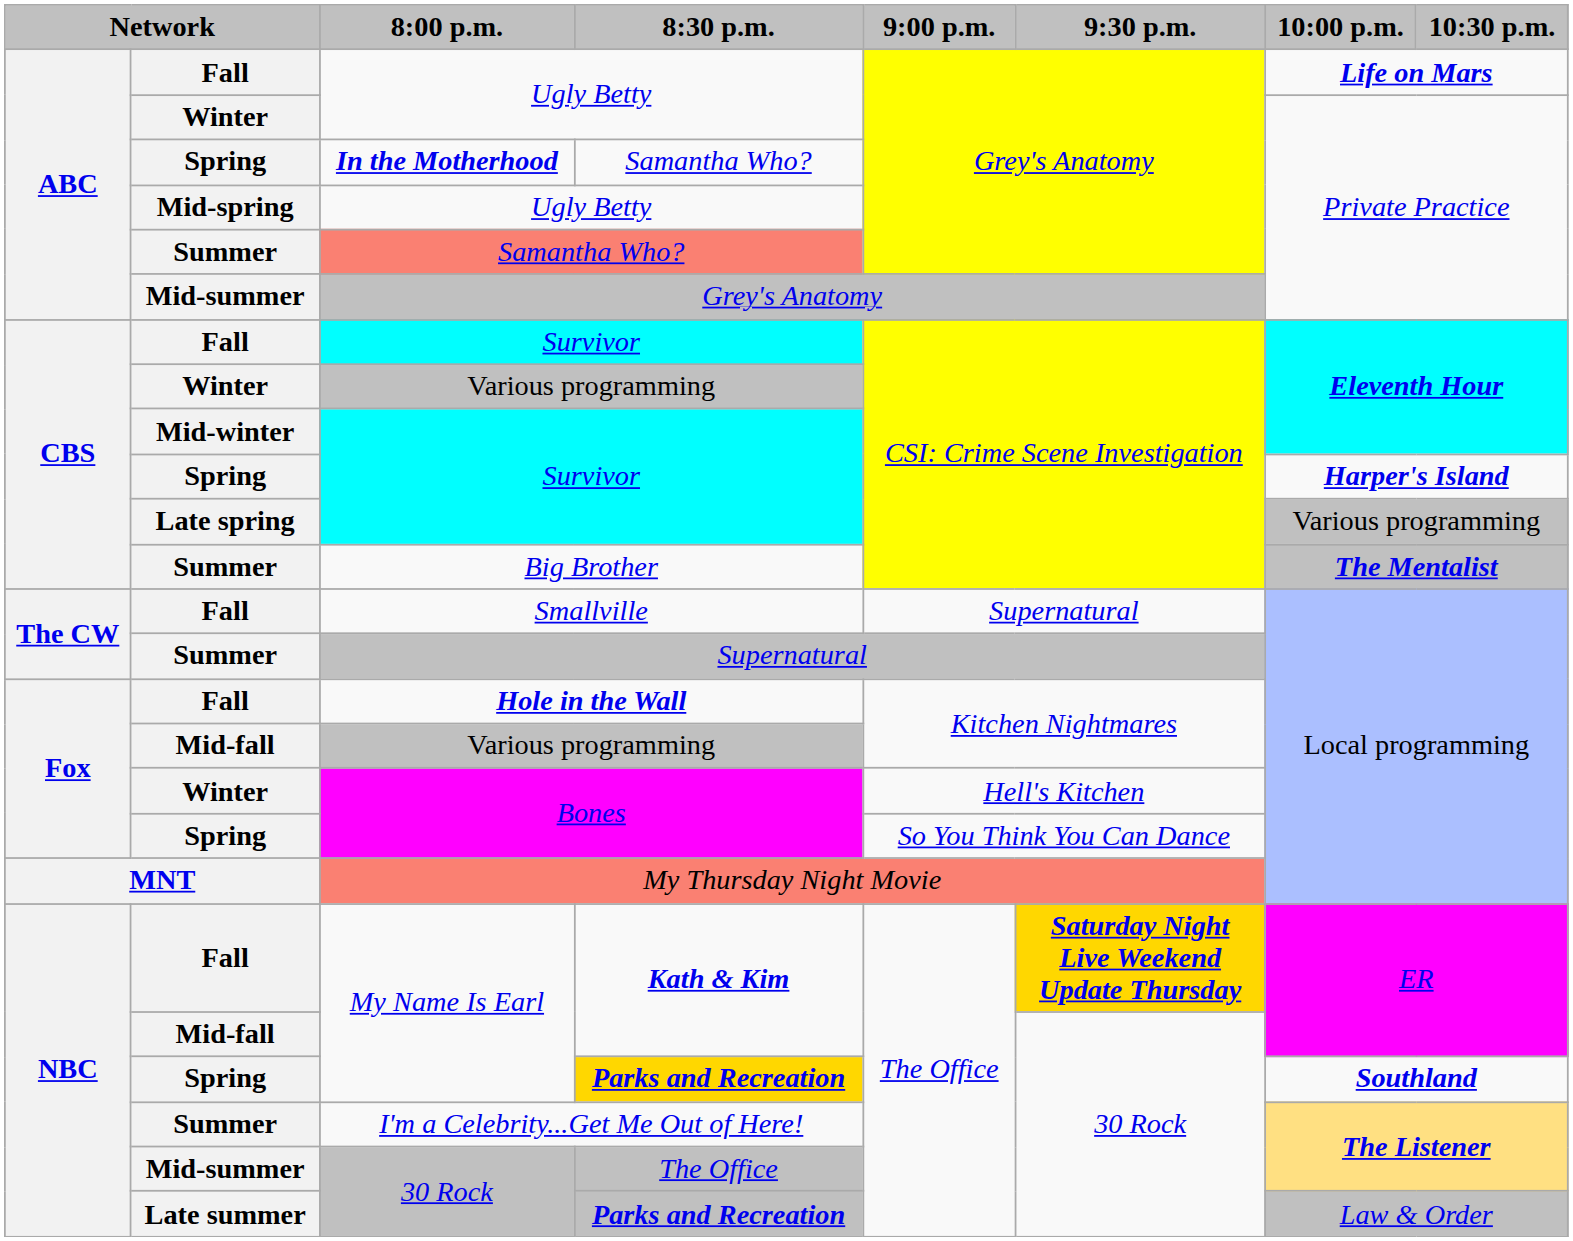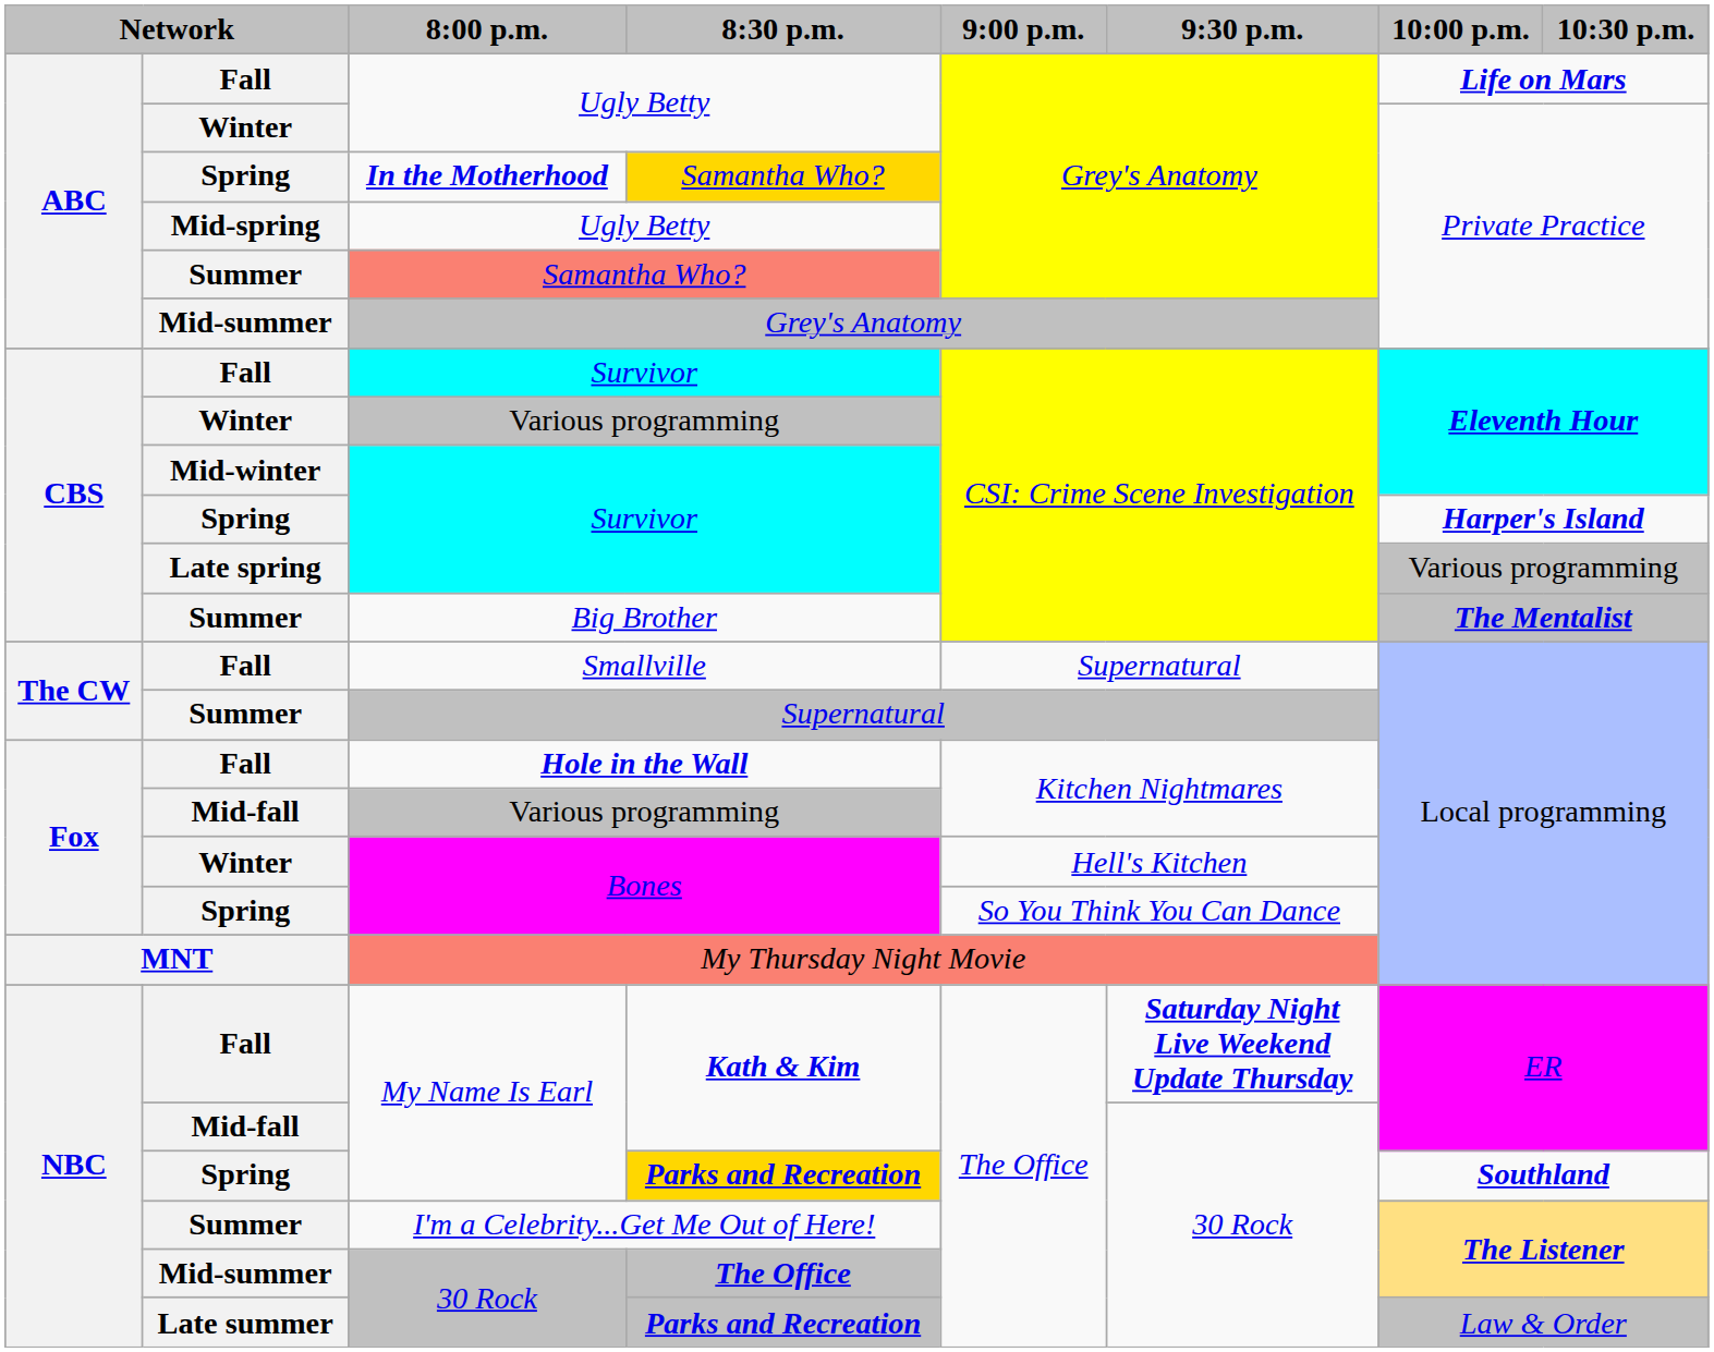 <table class="wikitable" style="width:100%;margin-right:0;text-align:center">
 <tr>
 <th colspan="2" style="background-color:#C0C0C0;text-align;center">Network</th>
 <th style="background-color:#C0C0C0;text-align;center">8:00 p.m.</th>
 <th style="background-color:#C0C0C0;text-align;center">8:30 p.m.</th>
 <th style="background-color:#C0C0C0;text-align:center">9:00 p.m.</th>
 <th style="background-color:#C0C0C0;text-align:center">9:30 p.m.</th>
 <th style="background-color:#C0C0C0;text-align;center">10:00 p.m.</th>
 <th style="background-color:#C0C0C0;text-align;center">10:30 p.m.</th>
 </tr>
 <tr>
 <th rowspan="6"><a href='#'>ABC</a></th>
 <th>Fall</th>
 <td colspan="2" rowspan="2"><em><a href='#'>Ugly Betty</a></em></td>
 <td style="background:#FFFF00;" colspan="2" rowspan="5"><em><a href='#'>Grey's Anatomy</a></em> </td>
 <td colspan="2"><strong><em><a href='#'>Life on Mars</a></em></strong></td>
 </tr>
 <tr>
 <th>Winter</th>
 <td colspan="2" rowspan="5"><em><a href='#'>Private Practice</a></em></td>
 </tr>
 <tr>
 <th>Spring</th>
 <td><strong><em><a href='#'>In the Motherhood</a></em></strong></td>
-<td><em><a href='#'>Samantha Who?</a></em></td>
+<td style="background: gold;"><em><a href='#'>Samantha Who?</a></em></td>
 </tr>
 <tr>
 <th>Mid-spring</th>
 <td colspan="2"><em><a href='#'>Ugly Betty</a></em></td>
 </tr>
 <tr>
 <th>Summer</th>
 <td colspan="2" style="background:#FA8072;"><em><a href='#'>Samantha Who?</a></em></td>
 </tr>
 <tr>
 <th>Mid-summer</th>
 <td colspan="4" style="background:#C0C0C0;"><em><a href='#'>Grey's Anatomy</a></em> </td>
 </tr>
 <tr>
 <th rowspan="6"><a href='#'>CBS</a></th>
 <th>Fall</th>
 <td style="background:#00FFFF;" colspan="2"><em><a href='#'>Survivor</a></em> </td>
 <td style="background:#FFFF00;" colspan="2" rowspan="6"><em><a href='#'>CSI: Crime Scene Investigation</a></em> </td>
 <td style="background:#00FFFF;" colspan="2" rowspan="3"><strong><em><a href='#'>Eleventh Hour</a></em></strong> </td>
 </tr>
 <tr>
 <th>Winter</th>
 <td colspan="2" style="background:#C0C0C0;">Various programming</td>
 </tr>
 <tr>
 <th>Mid-winter</th>
 <td style="background:#00FFFF;" colspan="2" rowspan="3"><em><a href='#'>Survivor</a></em> </td>
 </tr>
 <tr>
 <th>Spring</th>
 <td colspan="2"><strong><em><a href='#'>Harper's Island</a></em></strong></td>
 </tr>
 <tr>
 <th>Late spring</th>
 <td colspan="2" style="background:#C0C0C0;">Various programming</td>
 </tr>
 <tr>
 <th>Summer</th>
 <td colspan="2"><em><a href='#'>Big Brother</a></em></td>
 <td colspan="2" style="background:#C0C0C0;"><strong><em><a href='#'>The Mentalist</a></em></strong> </td>
 </tr>
 <tr>
 <th rowspan="2"><a href='#'>The CW</a></th>
 <th>Fall</th>
 <td colspan="2"><em><a href='#'>Smallville</a></em></td>
 <td colspan="2"><em><a href='#'>Supernatural</a></em></td>
 <td style="background:#abbfff;" colspan="2" rowspan="7">Local programming</td>
 </tr>
 <tr>
 <th>Summer</th>
 <td colspan="4" style="background:#C0C0C0;"><em><a href='#'>Supernatural</a></em> </td>
 </tr>
 <tr>
 <th rowspan="4"><a href='#'>Fox</a></th>
 <th>Fall</th>
 <td colspan="2"><strong><em><a href='#'>Hole in the Wall</a></em></strong></td>
 <td colspan="2" rowspan="2"><em><a href='#'>Kitchen Nightmares</a></em></td>
 </tr>
 <tr>
 <th>Mid-fall</th>
 <td colspan="2" style="background:#C0C0C0;">Various programming</td>
 </tr>
 <tr>
 <th>Winter</th>
 <td style="background:#FF00FF;" colspan="2" rowspan="2"><em><a href='#'>Bones</a></em> </td>
 <td colspan="2"><em><a href='#'>Hell's Kitchen</a></em></td>
 </tr>
 <tr>
 <th>Spring</th>
 <td colspan="2"><em><a href='#'>So You Think You Can Dance</a></em></td>
 </tr>
 <tr>
 <th colspan="2"><a href='#'>MNT</a></th>
 <td colspan="4" style="background:#FA8072;"><em>My Thursday Night Movie</em></td>
 </tr>
 <tr>
 <th rowspan="6"><a href='#'>NBC</a></th>
 <th>Fall</th>
 <td rowspan="3"><em><a href='#'>My Name Is Earl</a></em></td>
 <td rowspan="2"><strong><em><a href='#'>Kath & Kim</a></em></strong></td>
 <td rowspan="6"><em><a href='#'>The Office</a></em></td>
-<td style="background: gold;"><strong><em><a href='#'>Saturday Night<br>Live Weekend<br>Update Thursday</a></em></strong></td>
+<td><strong><em><a href='#'>Saturday Night<br>Live Weekend<br>Update Thursday</a></em></strong></td>
 <td style="background:#FF00FF;" rowspan="2" colspan="2"><em><a href='#'>ER</a></em> </td>
 </tr>
 <tr>
 <th>Mid-fall</th>
 <td rowspan="5"><em><a href='#'>30 Rock</a></em></td>
 </tr>
 <tr>
 <th>Spring</th>
 <td style="background: gold;"><strong><em><a href='#'>Parks and Recreation</a></em></strong></td>
 <td colspan="2"><strong><em><a href='#'>Southland</a></em></strong></td>
 </tr>
 <tr>
 <th>Summer</th>
 <td colspan="2"><em><a href='#'>I'm a Celebrity...Get Me Out of Here!</a></em></td>
 <td rowspan="2" colspan="2" style="background:#FFE082;"><strong><em><a href='#'>The Listener</a></em></strong></td>
 </tr>
 <tr>
 <th>Mid-summer</th>
 <td rowspan="2" style="background:#C0C0C0;"><em><a href='#'>30 Rock</a></em> </td>
-<td style="background:#C0C0C0;"><em><a href='#'>The Office</a></em> </td>
+<td style="background:#C0C0C0;"><strong><em><a href='#'>The Office</a></em> </strong></td>
 </tr>
 <tr>
 <th>Late summer</th>
 <td style="background:#C0C0C0;"><strong><em><a href='#'>Parks and Recreation</a></em></strong> </td>
 <td colspan="2" style="background:#C0C0C0;"><em><a href='#'>Law & Order</a></em> </td>
 </tr>
 </table>
